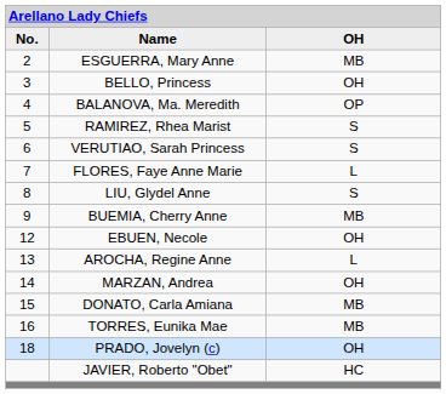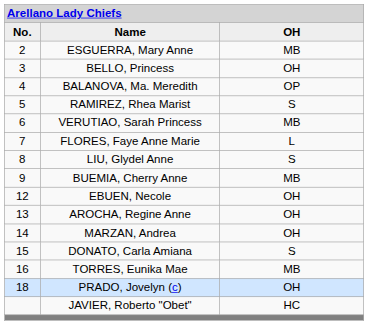 <table class='wikitable mw-collapsible mw-collapsed' style="text-align: center; width: 500px; border: none">
 <tr>
 <th style="background:#D4D4D4; text-align:left;" colspan=3><a href='#'>Arellano Lady Chiefs</a></th>
 </tr>
 <tr style="background:#EEEEEE; font-weight:bold;">
 <td width=10%>No.</td>
 <td width=50%>Name</td>
 <td align=center>OH</td>
 </tr>
 <tr>
 <td align=center>2</td>
 <td>ESGUERRA, Mary Anne</td>
 <td align=center>MB</td>
 </tr>
 <tr>
 <td align=center>3</td>
 <td>BELLO, Princess</td>
 <td align=center>OH</td>
 </tr>
 <tr>
 <td align=center>4</td>
 <td>BALANOVA, Ma. Meredith</td>
 <td align=center>OP</td>
 </tr>
 <tr>
 <td align=center>5</td>
 <td>RAMIREZ, Rhea Marist</td>
 <td align=center>S</td>
 </tr>
 <tr>
 <td align=center>6</td>
 <td>VERUTIAO, Sarah Princess</td>
-<td align=center>S</td>
+<td align=center>MB</td>
 </tr>
 <tr>
 <td align=center>7</td>
 <td>FLORES, Faye Anne Marie</td>
 <td align=center>L</td>
 </tr>
 <tr>
 <td align=center>8</td>
 <td>LIU, Glydel Anne</td>
 <td align=center>S</td>
 </tr>
 <tr>
 <td align=center>9</td>
 <td>BUEMIA, Cherry Anne</td>
 <td align=center>MB</td>
 </tr>
 <tr>
 <td align=center>12</td>
 <td>EBUEN, Necole</td>
 <td align=center>OH</td>
 </tr>
 <tr>
 <td align=center>13</td>
 <td>AROCHA, Regine Anne</td>
-<td align=center>L</td>
+<td align=center>OH</td>
 </tr>
 <tr>
 <td align=center>14</td>
 <td>MARZAN, Andrea</td>
 <td align=center>OH</td>
 </tr>
 <tr>
 <td align=center>15</td>
 <td>DONATO, Carla Amiana</td>
-<td align=center>MB</td>
+<td align=center>S</td>
 </tr>
 <tr>
 <td align=center>16</td>
 <td>TORRES, Eunika Mae</td>
 <td align=center>MB</td>
 </tr>
 <tr style="background: #D0E6FF">
 <td align=center>18</td>
 <td>PRADO, Jovelyn (<a href='#'>c</a>)</td>
 <td align=center>OH</td>
 </tr>
 <tr>
 <td align=center></td>
 <td>JAVIER, Roberto "Obet"</td>
 <td align=center>HC</td>
 </tr>
 <tr>
 <th style='background: grey;' colspan=3></th>
 </tr>
 </table>
